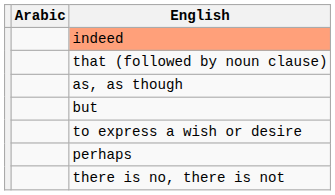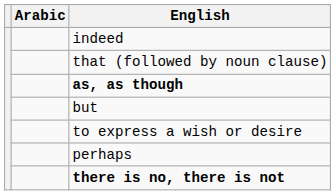 <table class="wikitable">
 <tr>
 <th></th>
 <th>Arabic</th>
 <th>English</th>
 </tr>
 <tr>
 <th rowspan="7"><br><em></em></th>
 <td> <em></em></td>
-<td style="background: lightsalmon;">indeed</td>
+<td>indeed</td>
 </tr>
 <tr>
 <td> <em></em></td>
 <td>that (followed by noun clause)</td>
 </tr>
 <tr>
 <td> <em></em></td>
-<td>as, as though</td>
+<td><strong>as, as though</strong></td>
 </tr>
 <tr>
 <td> <em></em></td>
 <td>but</td>
 </tr>
 <tr>
 <td> <em></em></td>
 <td>to express a wish or desire</td>
 </tr>
 <tr>
 <td> <em></em></td>
 <td>perhaps</td>
 </tr>
 <tr>
 <td> <em></em></td>
-<td>there is no, there is not</td>
+<td><strong>there is no, there is not</strong></td>
 </tr>
 </table>
